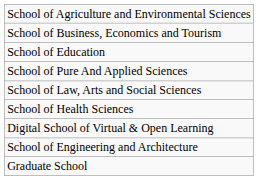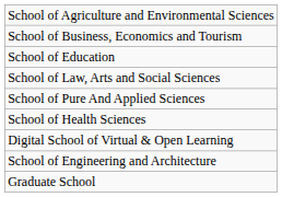 <table class="wikitable sortable mw-collapsible">
 <tr>
 <td>School of Agriculture and Environmental Sciences</td>
 </tr>
 <tr>
 <td>School of Business, Economics and Tourism</td>
 </tr>
 <tr>
 <td>School of Education</td>
 </tr>
 <tr>
-<td>School of Pure And Applied Sciences</td>
+<td>School of Law, Arts and Social Sciences</td>
 </tr>
 <tr>
-<td>School of Law, Arts and Social Sciences</td>
+<td>School of Pure And Applied Sciences</td>
 </tr>
 <tr>
 <td>School of Health Sciences</td>
 </tr>
 <tr>
 <td>Digital School of Virtual & Open Learning</td>
 </tr>
 <tr>
 <td>School of Engineering and Architecture</td>
 </tr>
 <tr>
 <td>Graduate School</td>
 </tr>
 </table>
